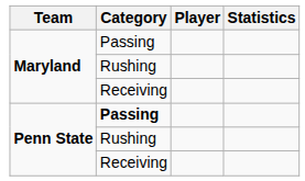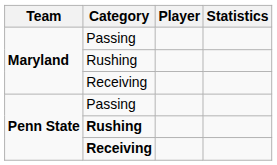 <table class="wikitable" style="float: right;">
 <tr>
 <th>Team</th>
 <th>Category</th>
 <th>Player</th>
 <th>Statistics</th>
 </tr>
 <tr>
 <td rowspan=3><strong>Maryland</strong></td>
 <td>Passing</td>
 <td></td>
 <td></td>
 </tr>
 <tr>
 <td>Rushing</td>
 <td></td>
 <td></td>
 </tr>
 <tr>
 <td>Receiving</td>
 <td></td>
 <td></td>
 </tr>
 <tr>
 <td rowspan=3><strong>Penn State</strong></td>
-<td><strong>Passing</strong></td>
+<td>Passing</td>
 <td></td>
 <td></td>
 </tr>
 <tr>
-<td>Rushing</td>
+<td><strong>Rushing</strong></td>
 <td></td>
 <td></td>
 </tr>
 <tr>
-<td>Receiving</td>
+<td><strong>Receiving</strong></td>
 <td></td>
 <td></td>
 </tr>
 </table>
